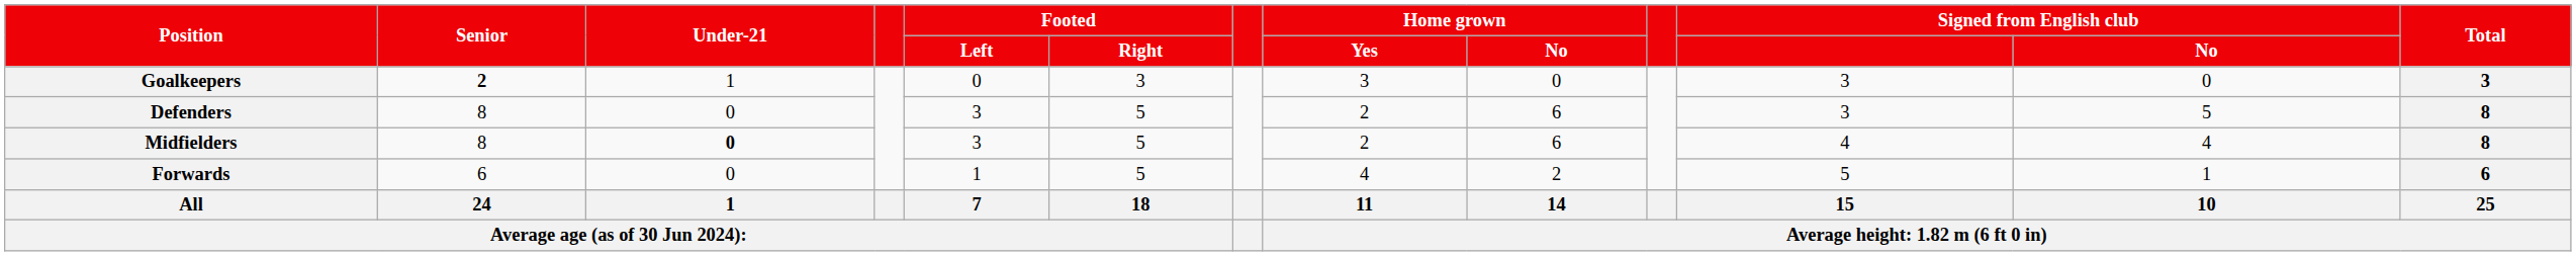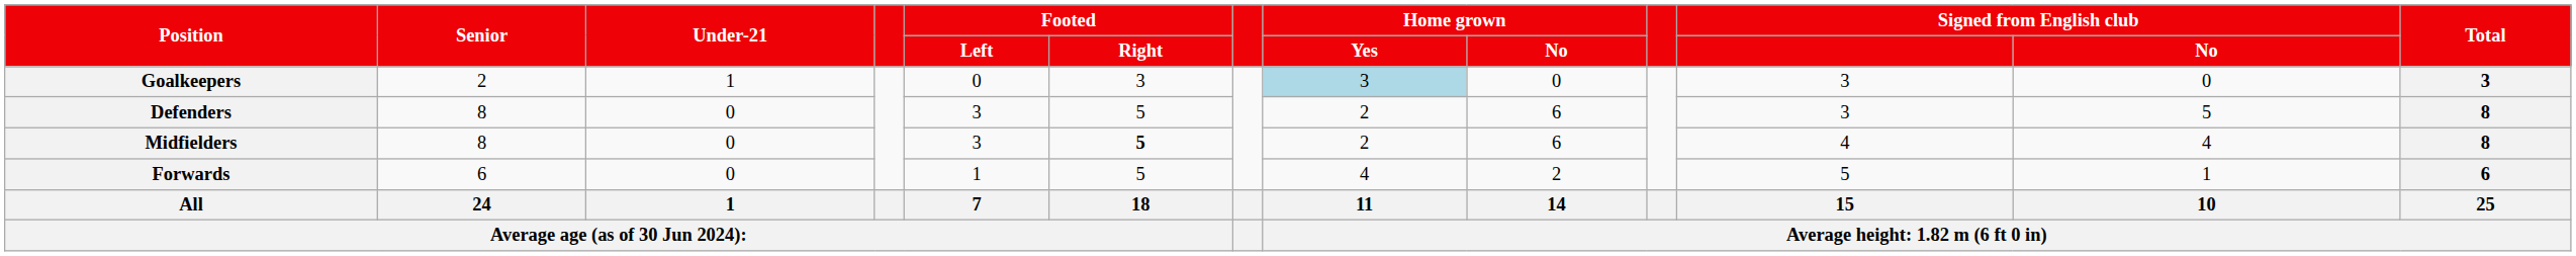 <table class="wikitable" style="text-align:center; font-size:90%; width:100%;">
 <tr>
 <th rowspan="2" style="background-color:#ee0107; color:#ffffff;">Position</th>
 <th rowspan="2" style="background-color:#ee0107; color:#ffffff;">Senior</th>
 <th rowspan="2" style="background-color:#ee0107; color:#ffffff;">Under-21</th>
 <th rowspan="2" style="background-color:#ee0107;"></th>
 <th colspan="2" style="background-color:#ee0107; color:#ffffff;">Footed</th>
 <th rowspan="2" style="background-color:#ee0107;"></th>
 <th colspan="2" style="background-color:#ee0107; color:#ffffff;">Home grown</th>
 <th rowspan="2" style="background-color:#ee0107;"></th>
 <th colspan="2" style="background-color:#ee0107; color:#ffffff;">Signed from English club</th>
 <th rowspan="2" style="background-color:#ee0107; color:#ffffff;">Total</th>
 </tr>
 <tr>
 <th style="background-color:#ee0107; color:#ffffff;">Left</th>
 <th style="background-color:#ee0107; color:#ffffff;">Right</th>
 <th style="background-color:#ee0107; color:#ffffff;">Yes</th>
 <th style="background-color:#ee0107; color:#ffffff;">No</th>
 <th style="background-color:#ee0107; color:#ffffff;"></th>
 <th style="background-color:#ee0107; color:#ffffff;">No</th>
 </tr>
 <tr>
 <th>Goalkeepers</th>
-<td><strong>2</strong></td>
+<td>2</td>
 <td>1</td>
 <td rowspan="4"></td>
 <td>0</td>
 <td>3</td>
 <td rowspan="4"></td>
-<td>3</td>
+<td style="background: lightblue;">3</td>
 <td>0</td>
 <td rowspan="4"></td>
 <td>3</td>
 <td>0</td>
 <th>3</th>
 </tr>
 <tr>
 <th>Defenders</th>
 <td>8</td>
 <td>0</td>
 <td>3</td>
 <td>5</td>
 <td>2</td>
 <td>6</td>
 <td>3</td>
 <td>5</td>
 <th>8</th>
 </tr>
 <tr>
 <th>Midfielders</th>
 <td>8</td>
-<td><strong>0</strong></td>
+<td>0</td>
 <td>3</td>
-<td>5</td>
+<td><strong>5</strong></td>
 <td>2</td>
 <td>6</td>
 <td>4</td>
 <td>4</td>
 <th>8</th>
 </tr>
 <tr>
 <th>Forwards</th>
 <td>6</td>
 <td>0</td>
 <td>1</td>
 <td>5</td>
 <td>4</td>
 <td>2</td>
 <td>5</td>
 <td>1</td>
 <th>6</th>
 </tr>
 <tr>
 <th>All</th>
 <th>24</th>
 <th>1</th>
 <th></th>
 <th>7</th>
 <th>18</th>
 <th></th>
 <th>11</th>
 <th>14</th>
 <th></th>
 <th>15</th>
 <th>10</th>
 <th>25</th>
 </tr>
 <tr>
 <th colspan="6">Average age (as of 30 Jun 2024): </th>
 <th></th>
 <th colspan="6">Average height: 1.82 m (6 ft 0 in)</th>
 </tr>
 </table>
